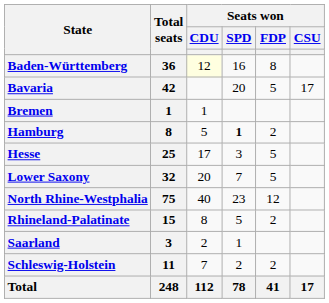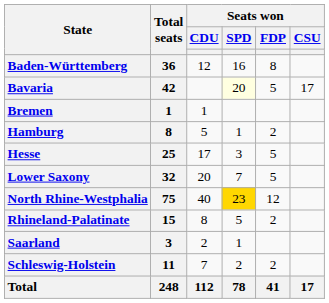 <table class="wikitable" style="text-align:center; font-size: 0.9em;">
 <tr>
 <th rowspan="3">State</th>
 <th rowspan="3">Total<br>seats</th>
 <th colspan="4">Seats won</th>
 </tr>
 <tr>
 <th class="unsortable" style="width:30px;"><a href='#'>CDU</a></th>
 <th class="unsortable" style="width:30px;"><a href='#'>SPD</a></th>
 <th class="unsortable" style="width:30px;"><a href='#'>FDP</a></th>
 <th class="unsortable" style="width:30px;"><a href='#'>CSU</a></th>
 </tr>
 <tr>
 <th style="background:"></th>
 <th style="background:"></th>
 <th style="background:"></th>
 <th style="background:"></th>
 </tr>
 <tr>
 <th style="text-align: left;"><a href='#'>Baden-Württemberg</a></th>
 <th>36</th>
-<td style="background: lightyellow;">12</td>
+<td>12</td>
 <td>16</td>
 <td>8</td>
 <td></td>
 </tr>
 <tr>
 <th style="text-align: left;"><a href='#'>Bavaria</a></th>
 <th>42</th>
 <td></td>
-<td>20</td>
+<td style="background: lightyellow;">20</td>
 <td>5</td>
 <td>17</td>
 </tr>
 <tr>
 <th style="text-align: left;"><a href='#'>Bremen</a></th>
 <th>1</th>
 <td>1</td>
 <td></td>
 <td></td>
 <td></td>
 </tr>
 <tr>
 <th style="text-align: left;"><a href='#'>Hamburg</a></th>
 <th>8</th>
 <td>5</td>
-<td><strong>1</strong></td>
+<td>1</td>
 <td>2</td>
 <td></td>
 </tr>
 <tr>
 <th style="text-align: left;"><a href='#'>Hesse</a></th>
 <th>25</th>
 <td>17</td>
 <td>3</td>
 <td>5</td>
 <td></td>
 </tr>
 <tr>
 <th style="text-align: left;"><a href='#'>Lower Saxony</a></th>
 <th>32</th>
 <td>20</td>
 <td>7</td>
 <td>5</td>
 <td></td>
 </tr>
 <tr>
 <th style="text-align: left;"><a href='#'>North Rhine-Westphalia</a></th>
 <th>75</th>
 <td>40</td>
-<td>23</td>
+<td style="background: gold;">23</td>
 <td>12</td>
 <td></td>
 </tr>
 <tr>
 <th style="text-align: left;"><a href='#'>Rhineland-Palatinate</a></th>
 <th>15</th>
 <td>8</td>
 <td>5</td>
 <td>2</td>
 <td></td>
 </tr>
 <tr>
 <th style="text-align: left;"><a href='#'>Saarland</a></th>
 <th>3</th>
 <td>2</td>
 <td>1</td>
 <td></td>
 <td></td>
 </tr>
 <tr>
 <th style="text-align: left;"><a href='#'>Schleswig-Holstein</a></th>
 <th>11</th>
 <td>7</td>
 <td>2</td>
 <td>2</td>
 <td></td>
 </tr>
 <tr class="sortbottom">
 <th style="text-align: left;">Total</th>
 <th>248</th>
 <th>112</th>
 <th>78</th>
 <th>41</th>
 <th>17</th>
 </tr>
 </table>
